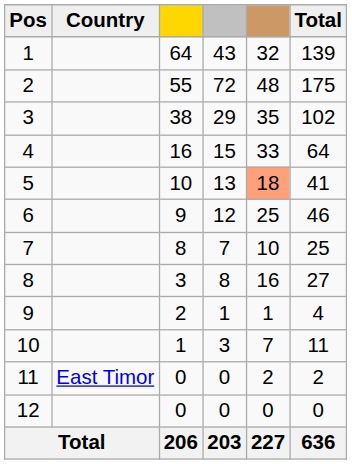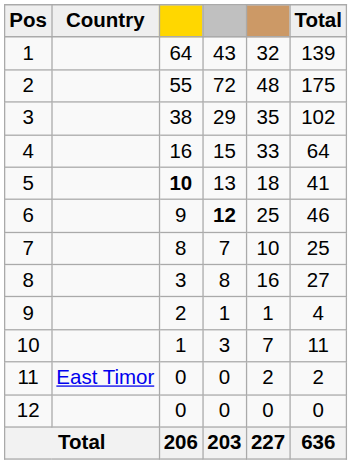 <table class="wikitable sortable" style="text-align:center">
 <tr bgcolor="#efefef">
 </tr>
 <tr bgcolor="#efefef">
 <td><strong>Pos</strong></td>
 <td><strong>Country</strong></td>
 <td bgcolor="gold"></td>
 <td bgcolor="silver"></td>
 <td bgcolor="CC9966"></td>
 <td><strong>Total</strong></td>
 </tr>
 <tr>
 </tr>
 <tr>
 </tr>
 <tr>
 <td>1</td>
 <td style="text-align:left"></td>
 <td>64</td>
 <td>43</td>
 <td>32</td>
 <td>139</td>
 </tr>
 <tr>
 <td>2</td>
 <td style="text-align:left"></td>
 <td>55</td>
 <td>72</td>
 <td>48</td>
 <td>175</td>
 </tr>
 <tr>
 <td>3</td>
 <td style="text-align:left"></td>
 <td>38</td>
 <td>29</td>
 <td>35</td>
 <td>102</td>
 </tr>
 <tr>
 <td>4</td>
 <td style="text-align:left"></td>
 <td>16</td>
 <td>15</td>
 <td>33</td>
 <td>64</td>
 </tr>
 <tr>
 <td>5</td>
 <td style="text-align:left"></td>
-<td>10</td>
+<td><strong>10</strong></td>
 <td>13</td>
-<td style="background: lightsalmon;">18</td>
+<td>18</td>
 <td>41</td>
 </tr>
 <tr>
 <td>6</td>
 <td style="text-align:left"></td>
 <td>9</td>
-<td>12</td>
+<td><strong>12</strong></td>
 <td>25</td>
 <td>46</td>
 </tr>
 <tr>
 <td>7</td>
 <td style="text-align:left"></td>
 <td>8</td>
 <td>7</td>
 <td>10</td>
 <td>25</td>
 </tr>
 <tr>
 <td>8</td>
 <td style="text-align:left"></td>
 <td>3</td>
 <td>8</td>
 <td>16</td>
 <td>27</td>
 </tr>
 <tr>
 <td>9</td>
 <td style="text-align:left"></td>
 <td>2</td>
 <td>1</td>
 <td>1</td>
 <td>4</td>
 </tr>
 <tr>
 <td>10</td>
 <td style="text-align:left"></td>
 <td>1</td>
 <td>3</td>
 <td>7</td>
 <td>11</td>
 </tr>
 <tr>
 <td>11</td>
 <td style="text-align:left"> <a href='#'>East Timor</a></td>
 <td>0</td>
 <td>0</td>
 <td>2</td>
 <td>2</td>
 </tr>
 <tr>
 <td>12</td>
 <td style="text-align:left"></td>
 <td>0</td>
 <td>0</td>
 <td>0</td>
 <td>0</td>
 </tr>
 <tr class="sortbottom">
 <th colspan=2>Total</th>
 <th>206</th>
 <th>203</th>
 <th>227</th>
 <th>636</th>
 </tr>
 </table>
